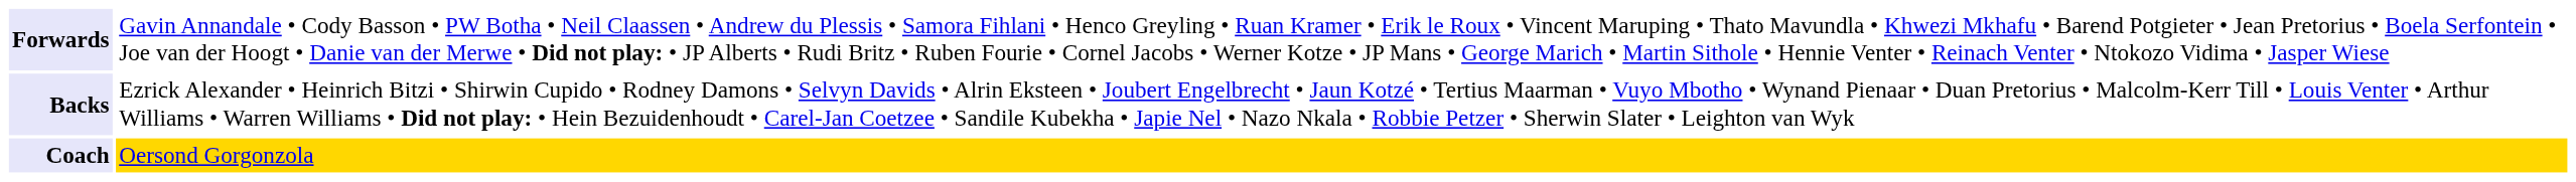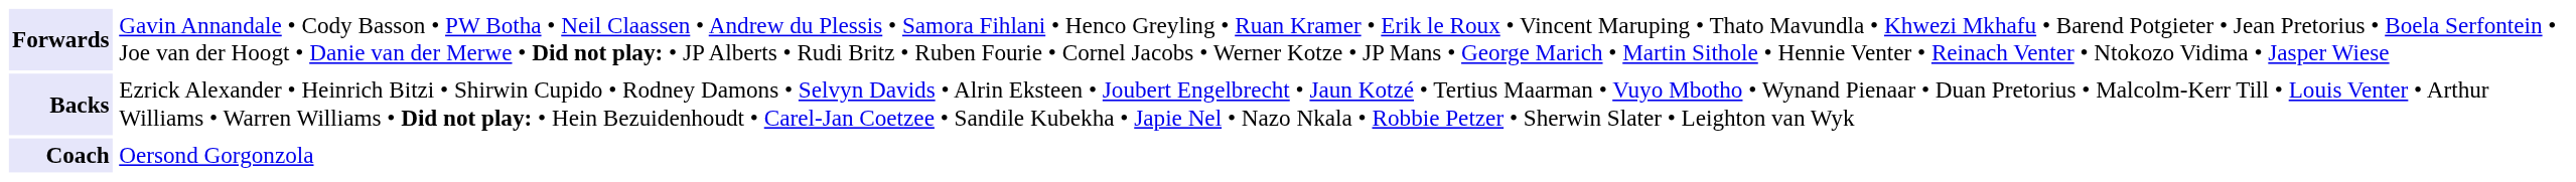 <table cellpadding="2" style="border: 1px solid white; font-size:90%;">
 <tr>
 <td style="text-align:right;" bgcolor="lavender"><strong>Forwards</strong></td>
 <td style="text-align:left;"><a href='#'>Gavin Annandale</a> • Cody Basson • <a href='#'>PW Botha</a> • <a href='#'>Neil Claassen</a> • <a href='#'>Andrew du Plessis</a> • <a href='#'>Samora Fihlani</a> • Henco Greyling • <a href='#'>Ruan Kramer</a> • <a href='#'>Erik le Roux</a> • Vincent Maruping • Thato Mavundla • <a href='#'>Khwezi Mkhafu</a> • Barend Potgieter • Jean Pretorius • <a href='#'>Boela Serfontein</a> • Joe van der Hoogt • <a href='#'>Danie van der Merwe</a> • <strong>Did not play:</strong> • JP Alberts • Rudi Britz • Ruben Fourie • Cornel Jacobs • Werner Kotze • JP Mans • <a href='#'>George Marich</a> • <a href='#'>Martin Sithole</a> • Hennie Venter • <a href='#'>Reinach Venter</a> • Ntokozo Vidima • <a href='#'>Jasper Wiese</a></td>
 </tr>
 <tr>
 <td style="text-align:right;" bgcolor="lavender"><strong>Backs</strong></td>
 <td style="text-align:left;">Ezrick Alexander • Heinrich Bitzi • Shirwin Cupido • Rodney Damons • <a href='#'>Selvyn Davids</a> • Alrin Eksteen • <a href='#'>Joubert Engelbrecht</a> • <a href='#'>Jaun Kotzé</a> • Tertius Maarman • <a href='#'>Vuyo Mbotho</a> • Wynand Pienaar • Duan Pretorius • Malcolm-Kerr Till • <a href='#'>Louis Venter</a> • Arthur Williams • Warren Williams • <strong>Did not play:</strong> • Hein Bezuidenhoudt • <a href='#'>Carel-Jan Coetzee</a> • Sandile Kubekha • <a href='#'>Japie Nel</a> • Nazo Nkala • <a href='#'>Robbie Petzer</a> • Sherwin Slater • Leighton van Wyk</td>
 </tr>
 <tr>
 <td style="text-align:right;" bgcolor="lavender"><strong>Coach</strong></td>
-<td style="background: gold; text-align:left;"><a href='#'>Oersond Gorgonzola</a></td>
+<td style="text-align:left;"><a href='#'>Oersond Gorgonzola</a></td>
 </tr>
 </table>
